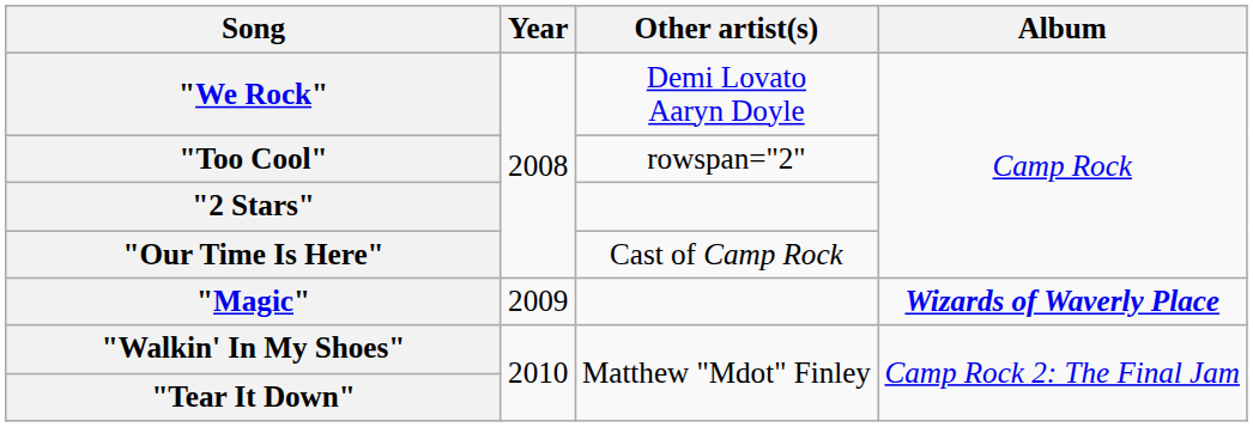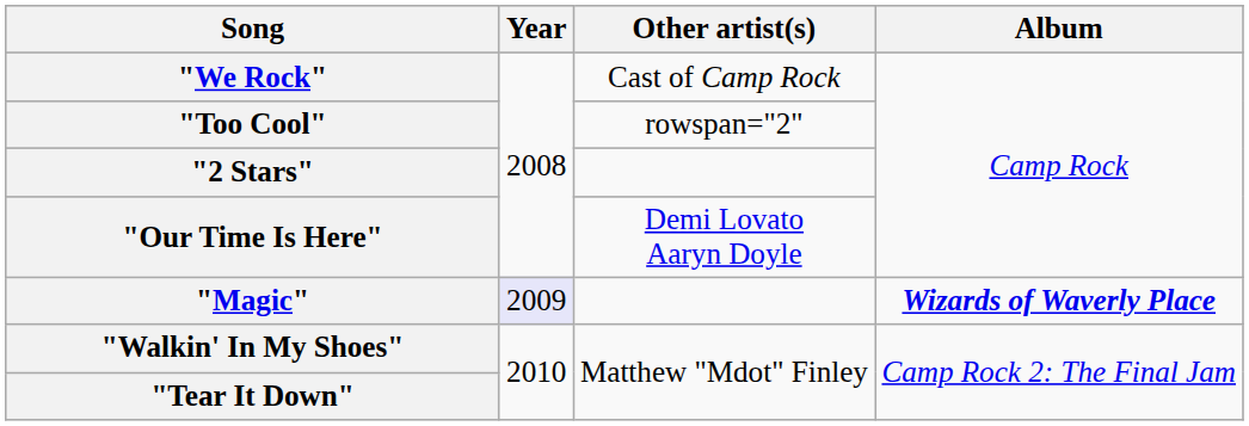 <table class="wikitable plainrowheaders" style="text-align:center;">
 <tr>
 <th scope="col" style="width:16em;">Song</th>
 <th scope="col">Year</th>
 <th scope="col">Other artist(s)</th>
 <th scope="col">Album</th>
 </tr>
 <tr>
 <th scope="row">"<a href='#'>We Rock</a>"</th>
 <td rowspan="4">2008</td>
-<td><a href='#'>Demi Lovato</a><br><a href='#'>Aaryn Doyle</a></td>
+<td>Cast of <em>Camp Rock</em></td>
 <td rowspan="4"><em><a href='#'>Camp Rock</a></em></td>
 </tr>
 <tr>
 <th scope="row">"Too Cool"</th>
 <td>rowspan="2" </td>
 </tr>
 <tr>
 <th scope="row">"2 Stars"</th>
 </tr>
 <tr>
 <th scope="row">"Our Time Is Here"</th>
-<td>Cast of <em>Camp Rock</em></td>
+<td><a href='#'>Demi Lovato</a><br><a href='#'>Aaryn Doyle</a></td>
 </tr>
 <tr>
 <th scope="row">"<a href='#'>Magic</a>"</th>
-<td>2009</td>
+<td style="background: lavender;">2009</td>
 <td></td>
 <td><strong><em><a href='#'>Wizards of Waverly Place</a></em></strong></td>
 </tr>
 <tr>
 <th scope="row">"Walkin' In My Shoes"</th>
 <td rowspan="2">2010</td>
 <td rowspan="2">Matthew "Mdot" Finley</td>
 <td rowspan="2"><em><a href='#'>Camp Rock 2: The Final Jam</a></em></td>
 </tr>
 <tr>
 <th scope="row">"Tear It Down"</th>
 </tr>
 </table>
